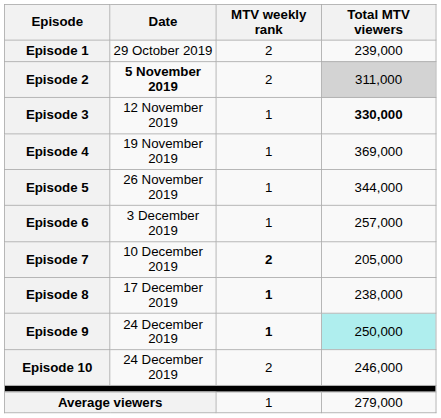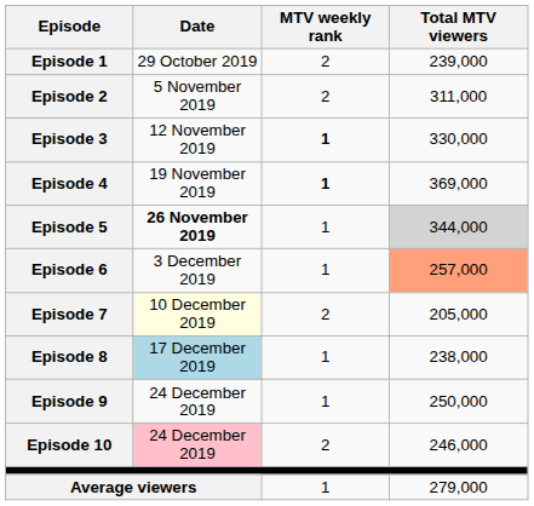 <table class="wikitable sortable" style="text-align:center">
 <tr>
 <th scope="col" style="width:120px;">Episode</th>
 <th scope="col" style="width:120px;">Date</th>
 <th scope="col" style="width:120px;">MTV weekly rank</th>
 <th scope="col" style="width:130px;">Total MTV viewers</th>
 </tr>
 <tr>
 <th scope="row">Episode 1</th>
 <td>29 October 2019</td>
 <td>2</td>
 <td>239,000</td>
 </tr>
 <tr>
 <th scope="row">Episode 2</th>
-<td><strong>5 November 2019</strong></td>
+<td>5 November 2019</td>
 <td>2</td>
-<td style="background: lightgrey;">311,000</td>
+<td>311,000</td>
 </tr>
 <tr>
 <th scope="row">Episode 3</th>
 <td>12 November 2019</td>
-<td>1</td>
-<td><strong>330,000</strong></td>
+<td><strong>1</strong></td>
+<td>330,000</td>
 </tr>
 <tr>
 <th scope="row">Episode 4</th>
 <td>19 November 2019</td>
-<td>1</td>
+<td><strong>1</strong></td>
 <td>369,000</td>
 </tr>
 <tr>
 <th scope="row">Episode 5</th>
-<td>26 November 2019</td>
+<td><strong>26 November 2019</strong></td>
 <td>1</td>
-<td>344,000</td>
+<td style="background: lightgrey;">344,000</td>
 </tr>
 <tr>
 <th scope="row">Episode 6</th>
 <td>3 December 2019</td>
 <td>1</td>
-<td>257,000</td>
+<td style="background: lightsalmon;">257,000</td>
 </tr>
 <tr>
 <th scope="row">Episode 7</th>
-<td>10 December 2019</td>
-<td><strong>2</strong></td>
+<td style="background: lightyellow;">10 December 2019</td>
+<td>2</td>
 <td>205,000</td>
 </tr>
 <tr>
 <th scope="row">Episode 8</th>
-<td>17 December 2019</td>
-<td><strong>1</strong></td>
+<td style="background: lightblue;">17 December 2019</td>
+<td>1</td>
 <td>238,000</td>
 </tr>
 <tr>
 <th scope="row">Episode 9</th>
 <td>24 December 2019</td>
-<td><strong>1</strong></td>
-<td style="background: paleturquoise;">250,000</td>
+<td>1</td>
+<td>250,000</td>
 </tr>
 <tr>
 <th scope="row">Episode 10</th>
-<td>24 December 2019</td>
+<td style="background: pink;">24 December 2019</td>
 <td>2</td>
 <td>246,000</td>
 </tr>
 <tr>
 <th style="background:#000;" colspan="6"></th>
 </tr>
 <tr>
 <th colspan="2"><strong>Average viewers</strong></th>
 <td>1</td>
 <td>279,000</td>
 </tr>
 </table>
